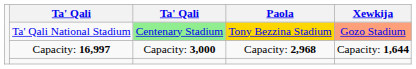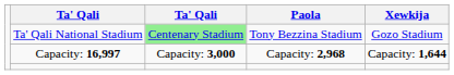 <table class="wikitable" style="text-align:center">
 <tr>
 <td rowspan="4"></td>
 <th><a href='#'>Ta' Qali</a></th>
 <th><a href='#'>Ta' Qali</a></th>
 <th><a href='#'>Paola</a></th>
 <th><a href='#'>Xewkija</a></th>
 </tr>
 <tr>
 <td><a href='#'>Ta' Qali National Stadium</a></td>
 <td style="background: lightgreen;"><a href='#'>Centenary Stadium</a></td>
-<td style="background: gold;"><a href='#'>Tony Bezzina Stadium</a></td>
-<td style="background: lightsalmon;"><a href='#'>Gozo Stadium</a></td>
+<td><a href='#'>Tony Bezzina Stadium</a></td>
+<td><a href='#'>Gozo Stadium</a></td>
 </tr>
 <tr>
 <td>Capacity: <strong>16,997</strong></td>
 <td>Capacity: <strong>3,000</strong></td>
 <td>Capacity: <strong>2,968</strong></td>
 <td>Capacity: <strong>1,644</strong></td>
 </tr>
 <tr>
 <td></td>
 <td></td>
 <td></td>
 <td></td>
 </tr>
 </table>
